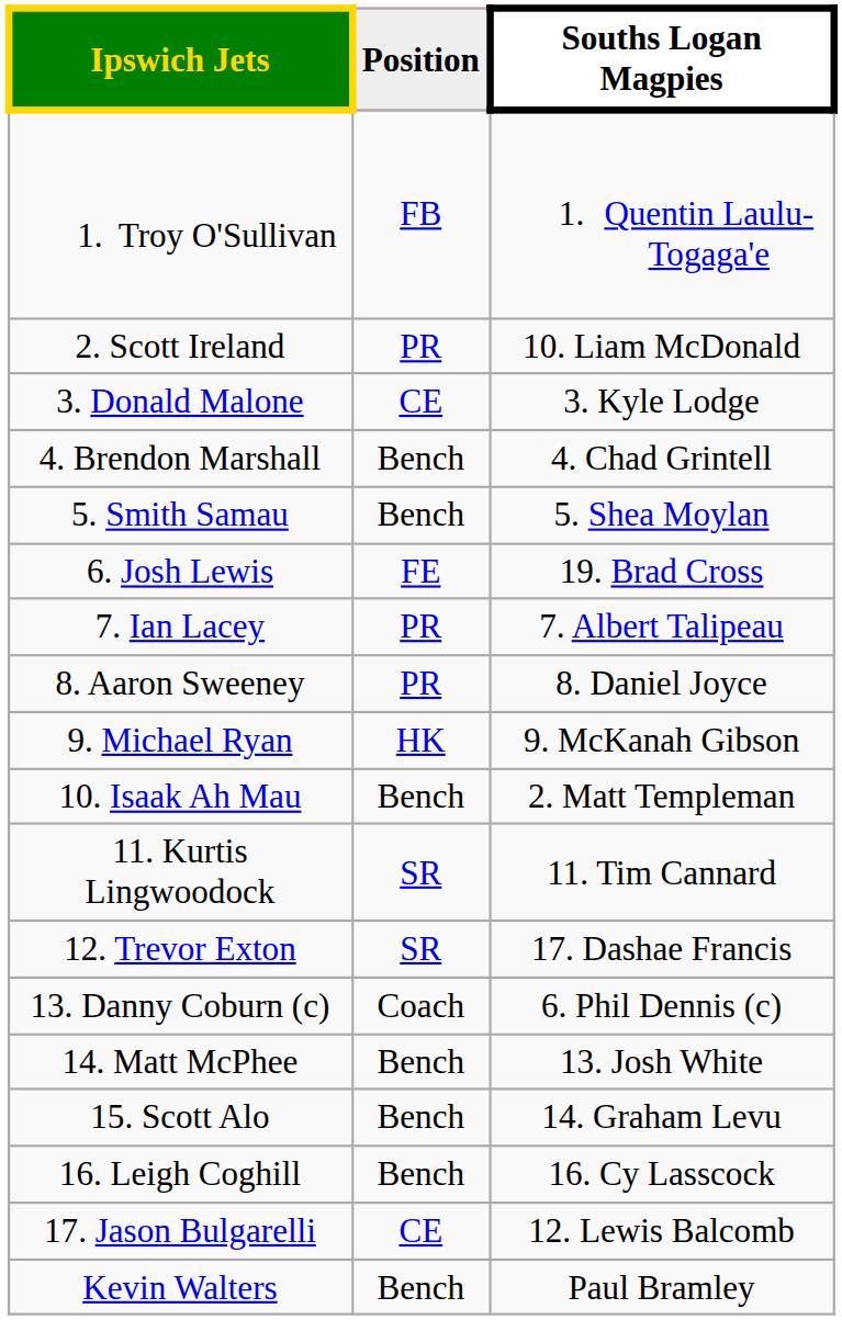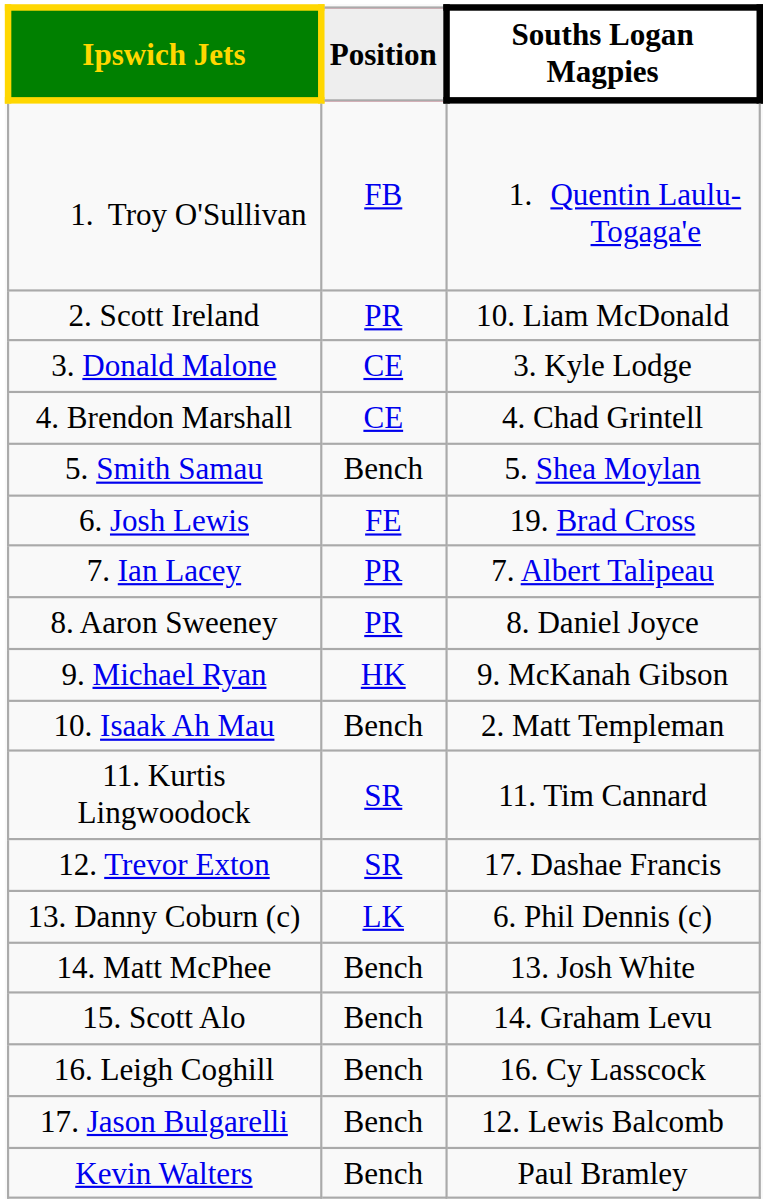 <table class="wikitable" style="float:right; font-size:90%; text-align:center; margin-left:1em;">
 <tr style="background:#f03;">
 <th align="centre" width="136" style="border: 3px solid gold; background: green; color: gold">Ipswich Jets</th>
 <th align="center" style="background: #eeeeee; color: black">Position</th>
 <th align="centre" width="136" style="border: 3px solid black; background: white; color: black">Souths Logan Magpies</th>
 </tr>
 <tr>
 <td><br><ol><li>Troy O'Sullivan</li></ol></td>
 <td><a href='#'>FB</a></td>
 <td><br><ol><li><a href='#'>Quentin Laulu-Togaga'e</a></li></ol></td>
 </tr>
 <tr>
 <td>2. Scott Ireland</td>
 <td><a href='#'>PR</a></td>
 <td>10. Liam McDonald</td>
 </tr>
 <tr>
 <td>3. <a href='#'>Donald Malone</a></td>
 <td><a href='#'>CE</a></td>
 <td>3. Kyle Lodge</td>
 </tr>
 <tr>
 <td>4. Brendon Marshall</td>
-<td>Bench</td>
+<td><a href='#'>CE</a></td>
 <td>4. Chad Grintell</td>
 </tr>
 <tr>
 <td>5. <a href='#'>Smith Samau</a></td>
 <td>Bench</td>
 <td>5. <a href='#'>Shea Moylan</a></td>
 </tr>
 <tr>
 <td>6. <a href='#'>Josh Lewis</a></td>
 <td><a href='#'>FE</a></td>
 <td>19. <a href='#'>Brad Cross</a></td>
 </tr>
 <tr>
 <td>7. <a href='#'>Ian Lacey</a></td>
 <td><a href='#'>PR</a></td>
 <td>7. <a href='#'>Albert Talipeau</a></td>
 </tr>
 <tr>
 <td>8. Aaron Sweeney</td>
 <td><a href='#'>PR</a></td>
 <td>8. Daniel Joyce</td>
 </tr>
 <tr>
 <td>9. <a href='#'>Michael Ryan</a></td>
 <td><a href='#'>HK</a></td>
 <td>9. McKanah Gibson</td>
 </tr>
 <tr>
 <td>10. <a href='#'>Isaak Ah Mau</a></td>
 <td>Bench</td>
 <td>2. Matt Templeman</td>
 </tr>
 <tr>
 <td>11. Kurtis Lingwoodock</td>
 <td><a href='#'>SR</a></td>
 <td>11. Tim Cannard</td>
 </tr>
 <tr>
 <td>12. <a href='#'>Trevor Exton</a></td>
 <td><a href='#'>SR</a></td>
 <td>17. Dashae Francis</td>
 </tr>
 <tr>
 <td>13. Danny Coburn (c)</td>
-<td>Coach</td>
+<td><a href='#'>LK</a></td>
 <td>6. Phil Dennis (c)</td>
 </tr>
 <tr>
 <td>14. Matt McPhee</td>
 <td>Bench</td>
 <td>13. Josh White</td>
 </tr>
 <tr>
 <td>15. Scott Alo</td>
 <td>Bench</td>
 <td>14. Graham Levu</td>
 </tr>
 <tr>
 <td>16. Leigh Coghill</td>
 <td>Bench</td>
 <td>16. Cy Lasscock</td>
 </tr>
 <tr>
 <td>17. <a href='#'>Jason Bulgarelli</a></td>
-<td><a href='#'>CE</a></td>
+<td>Bench</td>
 <td>12. Lewis Balcomb</td>
 </tr>
 <tr>
 <td><a href='#'>Kevin Walters</a></td>
 <td>Bench</td>
 <td>Paul Bramley</td>
 </tr>
 </table>
